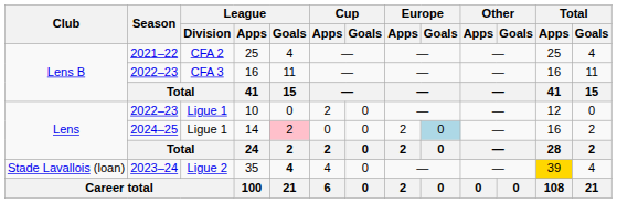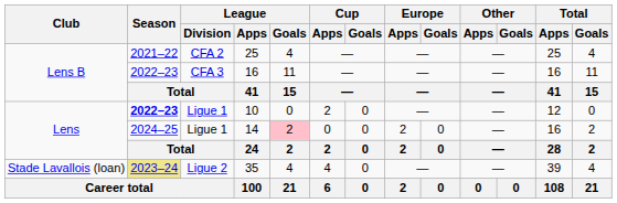 <table class="wikitable" style="text-align:center">
 <tr>
 <th rowspan="2">Club</th>
 <th rowspan="2">Season</th>
 <th colspan="3">League</th>
 <th colspan="2">Cup</th>
 <th colspan="2">Europe</th>
 <th colspan="2">Other</th>
 <th colspan="2">Total</th>
 </tr>
 <tr>
 <th>Division</th>
 <th>Apps</th>
 <th>Goals</th>
 <th>Apps</th>
 <th>Goals</th>
 <th>Apps</th>
 <th>Goals</th>
 <th>Apps</th>
 <th>Goals</th>
 <th>Apps</th>
 <th>Goals</th>
 </tr>
 <tr>
 <td rowspan="3"><a href='#'>Lens B</a></td>
 <td><a href='#'>2021–22</a></td>
 <td><a href='#'>CFA 2</a></td>
 <td>25</td>
 <td>4</td>
 <td colspan="2">—</td>
 <td colspan="2">—</td>
 <td colspan="2">—</td>
 <td>25</td>
 <td>4</td>
 </tr>
 <tr>
 <td><a href='#'>2022–23</a></td>
 <td><a href='#'>CFA 3</a></td>
 <td>16</td>
 <td>11</td>
 <td colspan="2">—</td>
 <td colspan="2">—</td>
 <td colspan="2">—</td>
 <td>16</td>
 <td>11</td>
 </tr>
 <tr>
 <th colspan="2">Total</th>
 <th>41</th>
 <th>15</th>
 <th colspan="2">—</th>
 <th colspan="2">—</th>
 <th colspan="2">—</th>
 <th>41</th>
 <th>15</th>
 </tr>
 <tr>
 <td rowspan="3"><a href='#'>Lens</a></td>
-<td><a href='#'>2022–23</a></td>
+<td><strong><a href='#'>2022–23</a></strong></td>
 <td><a href='#'>Ligue 1</a></td>
 <td>10</td>
 <td>0</td>
 <td>2</td>
 <td>0</td>
 <td colspan="2">—</td>
 <td colspan="2">—</td>
 <td>12</td>
 <td>0</td>
 </tr>
 <tr>
 <td><a href='#'>2024–25</a></td>
 <td>Ligue 1</td>
 <td>14</td>
 <td style="background: pink;">2</td>
 <td>0</td>
 <td>0</td>
 <td>2</td>
-<td style="background: lightblue;">0</td>
+<td>0</td>
 <td colspan="2">—</td>
 <td>16</td>
 <td>2</td>
 </tr>
 <tr>
 <th colspan="2">Total</th>
 <th>24</th>
 <th>2</th>
 <th>2</th>
 <th>0</th>
 <th>2</th>
 <th>0</th>
 <th colspan="2">—</th>
 <th>28</th>
 <th>2</th>
 </tr>
 <tr>
 <td><a href='#'>Stade Lavallois</a> (loan)</td>
-<td><a href='#'>2023–24</a></td>
+<td style="background: khaki;"><a href='#'>2023–24</a></td>
 <td><a href='#'>Ligue 2</a></td>
 <td>35</td>
-<td><strong>4</strong></td>
+<td>4</td>
 <td>4</td>
 <td>0</td>
 <td colspan="2">—</td>
 <td colspan="2">—</td>
-<td style="background: gold;">39</td>
+<td>39</td>
 <td>4</td>
 </tr>
 <tr>
 <th colspan="3">Career total</th>
 <th>100</th>
 <th>21</th>
 <th>6</th>
 <th>0</th>
 <th>2</th>
 <th>0</th>
 <th>0</th>
 <th>0</th>
 <th>108</th>
 <th>21</th>
 </tr>
 </table>
